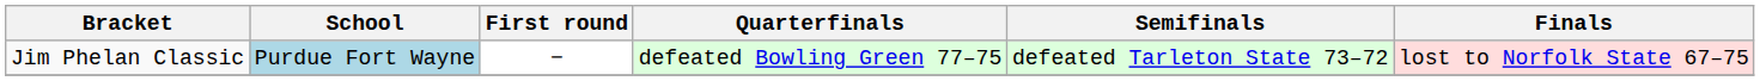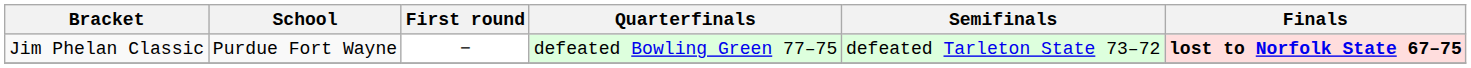 <table class="wikitable" style="white-space:nowrap; font-size:100%; text-align:center">
 <tr>
 <th>Bracket</th>
 <th>School</th>
 <th>First round</th>
 <th>Quarterfinals</th>
 <th>Semifinals</th>
 <th>Finals</th>
 </tr>
 <tr>
 <td>Jim Phelan Classic</td>
-<td style="background: lightblue;">Purdue Fort Wayne</td>
+<td>Purdue Fort Wayne</td>
 <td style="background:#fff;">−</td>
 <td style="background:#ddffdd;">defeated <a href='#'>Bowling Green</a> 77–75</td>
 <td style="background:#ddffdd;">defeated <a href='#'>Tarleton State</a> 73–72</td>
-<td style="background:#ffdddd;">lost to <a href='#'>Norfolk State</a> 67–75</td>
+<td style="background:#ffdddd;"><strong>lost to <a href='#'>Norfolk State</a> 67–75</strong></td>
 </tr>
 <tr>
 </tr>
 </table>
